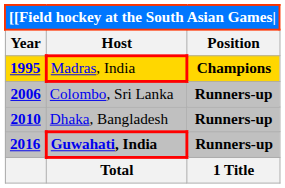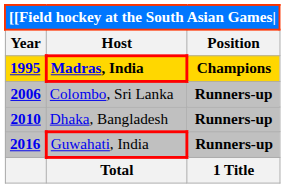 <table class="wikitable" style="text-align: center">
 <tr>
 <th colspan=10 style="background: #0077FF;border: 2px solid #ff3300;color: #FFFFFF;">[[Field hockey at the South Asian Games|</th>
 </tr>
 <tr>
 <th>Year</th>
 <th>Host</th>
 <th>Position</th>
 </tr>
 <tr bgcolor=Gold>
 <td><strong><a href='#'>1995</a></strong></td>
-<td style="border: 3px solid red"align=left> <a href='#'>Madras</a>, India</td>
+<td style="border: 3px solid red"align=left><strong> <a href='#'>Madras</a>, India</strong></td>
 <td><strong>Champions</strong></td>
 </tr>
 <tr bgcolor=Silver>
 <td><strong><a href='#'>2006</a></strong></td>
 <td align=left> <a href='#'>Colombo</a>, Sri Lanka</td>
 <td><strong>Runners-up</strong></td>
 </tr>
 <tr bgcolor=Silver>
 <td><strong><a href='#'>2010</a></strong></td>
 <td align=left> <a href='#'>Dhaka</a>, Bangladesh</td>
 <td><strong>Runners-up</strong></td>
 </tr>
 <tr bgcolor=Silver>
 <td><strong><a href='#'>2016</a></strong></td>
-<td style="border: 3px solid red"align=left><strong> <a href='#'>Guwahati</a>, India</strong></td>
+<td style="border: 3px solid red"align=left> <a href='#'>Guwahati</a>, India</td>
 <td><strong>Runners-up</strong></td>
 </tr>
 <tr>
 <th></th>
 <th>Total</th>
 <th>1 Title</th>
 </tr>
 </table>
